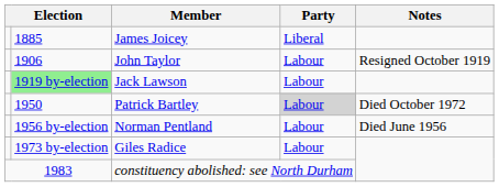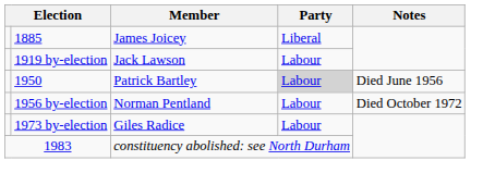 <table class="wikitable">
 <tr>
 <th colspan="2">Election</th>
 <th>Member</th>
 <th>Party</th>
 <th>Notes</th>
 </tr>
 <tr>
 <td style="color:inherit;background-color: "></td>
 <td><a href='#'>1885</a></td>
 <td><a href='#'>James Joicey</a></td>
 <td><a href='#'>Liberal</a></td>
 </tr>
 <tr>
 <td style="color:inherit;background-color: "></td>
-<td><a href='#'>1906</a></td>
-<td><a href='#'>John Taylor</a></td>
-<td><a href='#'>Labour</a></td>
-<td>Resigned October 1919</td>
-</tr>
-<tr>
-<td style="color:inherit;background-color: "></td>
-<td style="background: lightgreen;"><a href='#'>1919 by-election</a></td>
+<td><a href='#'>1919 by-election</a></td>
 <td><a href='#'>Jack Lawson</a></td>
 <td><a href='#'>Labour</a></td>
 </tr>
 <tr>
 <td style="color:inherit;background-color: "></td>
 <td><a href='#'>1950</a></td>
 <td><a href='#'>Patrick Bartley</a></td>
 <td style="background: lightgrey;"><a href='#'>Labour</a></td>
-<td>Died October 1972</td>
+<td>Died June 1956</td>
 </tr>
 <tr>
 <td style="color:inherit;background-color: "></td>
 <td><a href='#'>1956 by-election</a></td>
 <td><a href='#'>Norman Pentland</a></td>
 <td><a href='#'>Labour</a></td>
-<td>Died June 1956</td>
+<td>Died October 1972</td>
 </tr>
 <tr>
 <td style="color:inherit;background-color: "></td>
 <td><a href='#'>1973 by-election</a></td>
 <td><a href='#'>Giles Radice</a></td>
 <td><a href='#'>Labour</a></td>
 </tr>
 <tr>
 <td colspan="2" style="text-align:center;"><a href='#'>1983</a></td>
 <td colspan="2"><em>constituency abolished: see <a href='#'>North Durham</a></em></td>
 </tr>
 </table>
